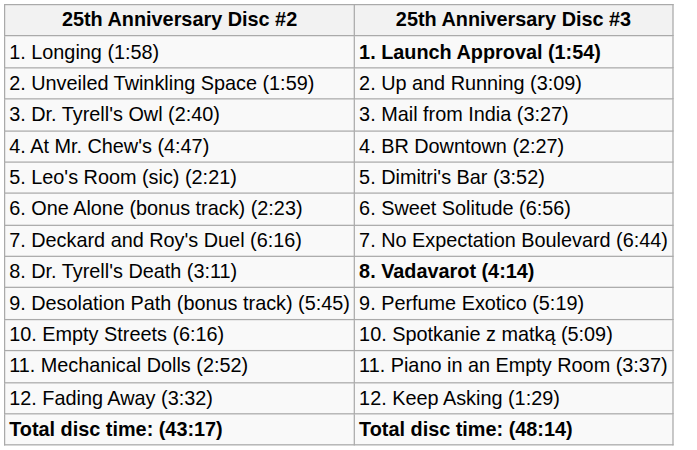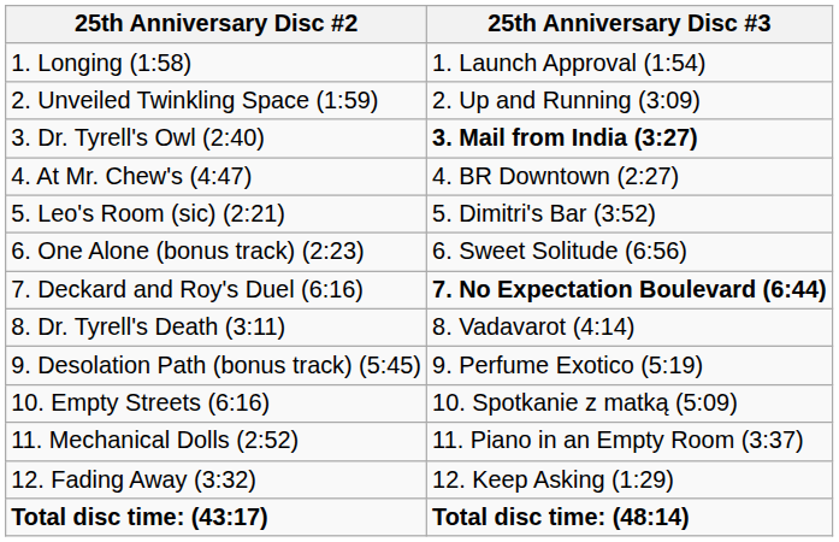 <table class="wikitable">
 <tr>
 <th>25th Anniversary Disc #2</th>
 <th>25th Anniversary Disc #3</th>
 </tr>
 <tr>
 <td>1. Longing (1:58)</td>
-<td><strong>1. Launch Approval (1:54)</strong></td>
+<td>1. Launch Approval (1:54)</td>
 </tr>
 <tr>
 <td>2. Unveiled Twinkling Space (1:59)</td>
 <td>2. Up and Running (3:09)</td>
 </tr>
 <tr>
 <td>3. Dr. Tyrell's Owl (2:40)</td>
-<td>3. Mail from India (3:27)</td>
+<td><strong>3. Mail from India (3:27)</strong></td>
 </tr>
 <tr>
 <td>4. At Mr. Chew's (4:47)</td>
 <td>4. BR Downtown (2:27)</td>
 </tr>
 <tr>
 <td>5. Leo's Room (sic) (2:21)</td>
 <td>5. Dimitri's Bar (3:52)</td>
 </tr>
 <tr>
 <td>6. One Alone (bonus track) (2:23)</td>
 <td>6. Sweet Solitude (6:56)</td>
 </tr>
 <tr>
 <td>7. Deckard and Roy's Duel (6:16)</td>
-<td>7. No Expectation Boulevard (6:44)</td>
+<td><strong>7. No Expectation Boulevard (6:44)</strong></td>
 </tr>
 <tr>
 <td>8. Dr. Tyrell's Death (3:11)</td>
-<td><strong>8. Vadavarot (4:14)</strong></td>
+<td>8. Vadavarot (4:14)</td>
 </tr>
 <tr>
 <td>9. Desolation Path (bonus track) (5:45)</td>
 <td>9. Perfume Exotico (5:19)</td>
 </tr>
 <tr>
 <td>10. Empty Streets (6:16)</td>
 <td>10. Spotkanie z matką (5:09)</td>
 </tr>
 <tr>
 <td>11. Mechanical Dolls (2:52)</td>
 <td>11. Piano in an Empty Room (3:37)</td>
 </tr>
 <tr>
 <td>12. Fading Away (3:32)</td>
 <td>12. Keep Asking (1:29)</td>
 </tr>
 <tr>
 <td><strong>Total disc time: (43:17)</strong></td>
 <td><strong>Total disc time: (48:14)</strong></td>
 </tr>
 </table>
